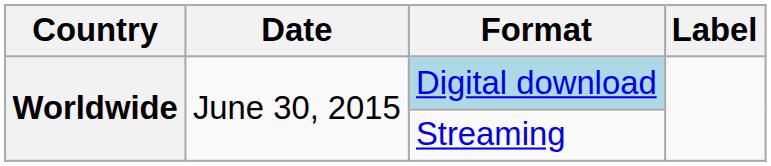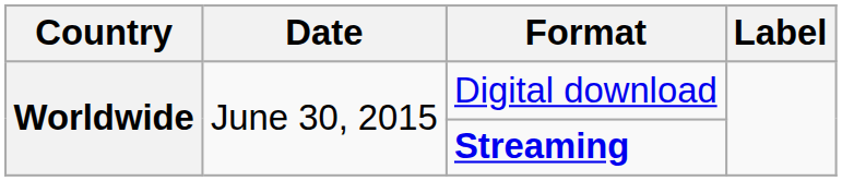 <table class="wikitable plainrowheaders unsortable">
 <tr>
 <th scope="col">Country</th>
 <th scope="col">Date</th>
 <th scope="col">Format</th>
 <th scope="col">Label</th>
 </tr>
 <tr>
 <th scope="row" rowspan="2">Worldwide</th>
 <td rowspan="2">June 30, 2015</td>
-<td style="background: lightblue;"><a href='#'>Digital download</a></td>
+<td><a href='#'>Digital download</a></td>
 <td rowspan="2"></td>
 </tr>
 <tr>
-<td><a href='#'>Streaming</a></td>
+<td><strong><a href='#'>Streaming</a></strong></td>
 </tr>
 </table>
